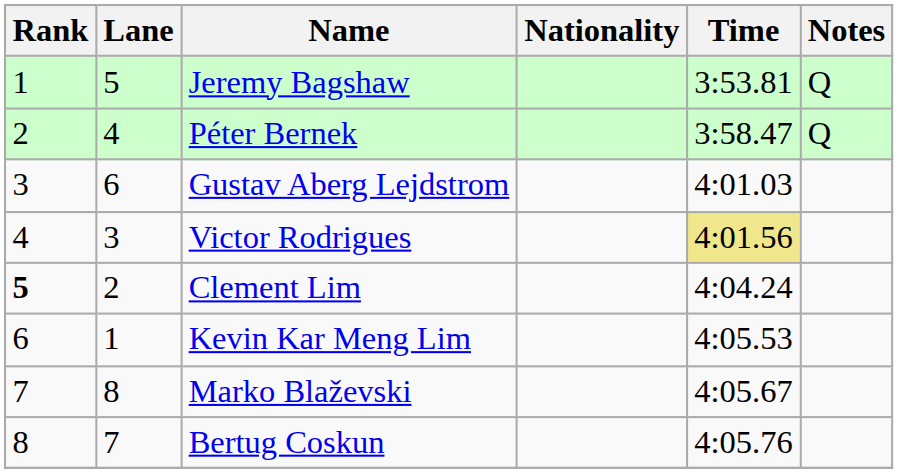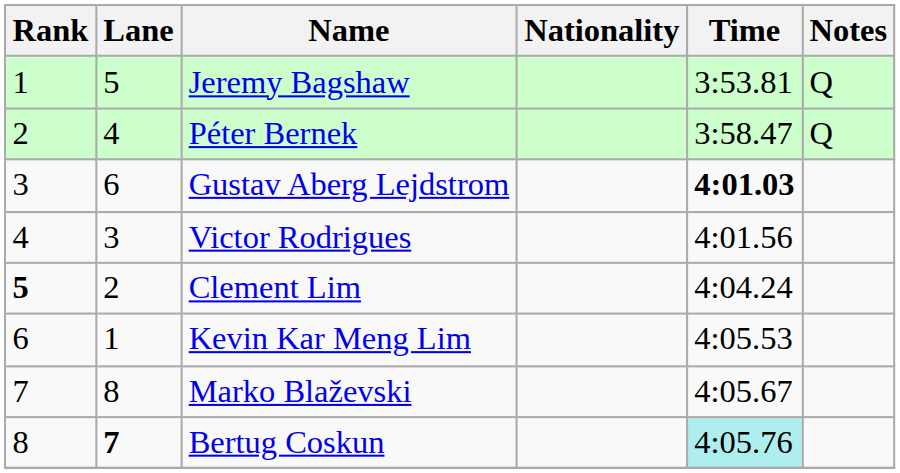 <table class="wikitable">
 <tr>
 <th>Rank</th>
 <th>Lane</th>
 <th>Name</th>
 <th>Nationality</th>
 <th>Time</th>
 <th>Notes</th>
 </tr>
 <tr bgcolor=ccffcc>
 <td>1</td>
 <td>5</td>
 <td><a href='#'>Jeremy Bagshaw</a></td>
 <td></td>
 <td>3:53.81</td>
 <td>Q</td>
 </tr>
 <tr bgcolor=ccffcc>
 <td>2</td>
 <td>4</td>
 <td><a href='#'>Péter Bernek</a></td>
 <td></td>
 <td>3:58.47</td>
 <td>Q</td>
 </tr>
 <tr>
 <td>3</td>
 <td>6</td>
 <td><a href='#'>Gustav Aberg Lejdstrom</a></td>
 <td></td>
-<td>4:01.03</td>
+<td><strong>4:01.03</strong></td>
 <td></td>
 </tr>
 <tr>
 <td>4</td>
 <td>3</td>
 <td><a href='#'>Victor Rodrigues</a></td>
 <td></td>
-<td style="background: khaki;">4:01.56</td>
+<td>4:01.56</td>
 <td></td>
 </tr>
 <tr>
 <td><strong>5</strong></td>
 <td>2</td>
 <td><a href='#'>Clement Lim</a></td>
 <td></td>
 <td>4:04.24</td>
 <td></td>
 </tr>
 <tr>
 <td>6</td>
 <td>1</td>
 <td><a href='#'>Kevin Kar Meng Lim</a></td>
 <td></td>
 <td>4:05.53</td>
 <td></td>
 </tr>
 <tr>
 <td>7</td>
 <td>8</td>
 <td><a href='#'>Marko Blaževski</a></td>
 <td></td>
 <td>4:05.67</td>
 <td></td>
 </tr>
 <tr>
 <td>8</td>
-<td>7</td>
+<td><strong>7</strong></td>
 <td><a href='#'>Bertug Coskun</a></td>
 <td></td>
-<td>4:05.76</td>
+<td style="background: paleturquoise;">4:05.76</td>
 <td></td>
 </tr>
 <tr>
 </tr>
 </table>
